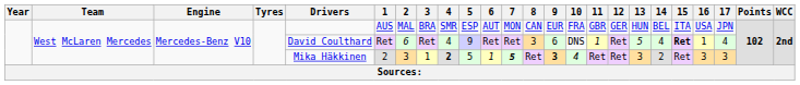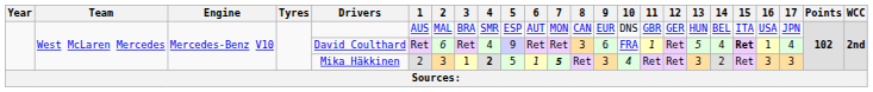 <table class="wikitable" style="text-align:center; font-size:95%">
 <tr>
 <th>Year</th>
 <th>Team</th>
 <th>Engine</th>
 <th>Tyres</th>
 <th>Drivers</th>
 <th>1</th>
 <th>2</th>
 <th>3</th>
 <th>4</th>
 <th>5</th>
 <th>6</th>
 <th>7</th>
 <th>8</th>
 <th>9</th>
 <th>10</th>
 <th>11</th>
 <th>12</th>
 <th>13</th>
 <th>14</th>
 <th>15</th>
 <th>16</th>
 <th>17</th>
 <th>Points</th>
 <th>WCC</th>
 </tr>
 <tr>
 <td rowspan="3"></td>
 <td rowspan="3"><a href='#'>West</a> <a href='#'>McLaren</a> <a href='#'>Mercedes</a></td>
 <td rowspan="3"><a href='#'>Mercedes-Benz</a> <a href='#'>V10</a></td>
 <td rowspan="3"></td>
 <td></td>
 <td><a href='#'>AUS</a></td>
 <td><a href='#'>MAL</a></td>
 <td><a href='#'>BRA</a></td>
 <td><a href='#'>SMR</a></td>
 <td><a href='#'>ESP</a></td>
 <td><a href='#'>AUT</a></td>
 <td><a href='#'>MON</a></td>
 <td><a href='#'>CAN</a></td>
 <td><a href='#'>EUR</a></td>
-<td><a href='#'>FRA</a></td>
+<td>DNS</td>
 <td><a href='#'>GBR</a></td>
 <td><a href='#'>GER</a></td>
 <td><a href='#'>HUN</a></td>
 <td><a href='#'>BEL</a></td>
 <td><a href='#'>ITA</a></td>
 <td><a href='#'>USA</a></td>
 <td><a href='#'>JPN</a></td>
 <td rowspan="3" style="background:#DFDFDF;"><strong>102</strong></td>
 <td rowspan="3" style="background:#DFDFDF;"><strong>2nd</strong></td>
 </tr>
 <tr>
 <td><a href='#'>David Coulthard</a></td>
 <td style="background:#EFCFFF;">Ret</td>
 <td style="background:#DFFFDF;"><em>6</em></td>
 <td style="background:#EFCFFF;">Ret</td>
 <td style="background:#DFFFDF;">4</td>
 <td style="background:#CFCFFF;">9</td>
 <td style="background:#EFCFFF;">Ret</td>
 <td style="background:#EFCFFF;">Ret</td>
 <td style="background:#FFDF9F;">3</td>
 <td style="background:#DFFFDF;">6</td>
-<td>DNS</td>
+<td><a href='#'>FRA</a></td>
 <td style="background:#FFFFBF;"><em>1</em></td>
 <td style="background:#EFCFFF;">Ret</td>
 <td style="background:#DFFFDF;"><em>5</em></td>
 <td style="background:#DFFFDF;">4</td>
 <td style="background:#EFCFFF;"><strong>Ret</strong></td>
 <td style="background:#FFFFBF;">1</td>
 <td style="background:#DFFFDF;">4</td>
 </tr>
 <tr>
 <td><a href='#'>Mika Häkkinen</a></td>
 <td style="background:#DFDFDF;">2</td>
 <td style="background:#FFDF9F;">3</td>
 <td style="background:#FFFFBF;">1</td>
 <td style="background:#DFDFDF;"><strong>2</strong></td>
 <td style="background:#DFFFDF;">5</td>
 <td style="background:#FFFFBF;"><em>1</em></td>
 <td style="background:#DFFFDF;"><strong><em>5</em></strong></td>
 <td style="background:#EFCFFF;">Ret</td>
-<td style="background:#FFDF9F;"><strong>3</strong></td>
+<td style="background:#FFDF9F;">3</td>
 <td style="background:#DFFFDF;"><em>4</em></td>
 <td style="background:#EFCFFF;">Ret</td>
 <td style="background:#EFCFFF;">Ret</td>
 <td style="background:#FFDF9F;">3</td>
 <td style="background:#DFDFDF;">2</td>
 <td style="background:#EFCFFF;">Ret</td>
 <td style="background:#FFDF9F;">3</td>
 <td style="background:#FFDF9F;">3</td>
 </tr>
 <tr>
 <th colspan="24">Sources:</th>
 </tr>
 </table>
